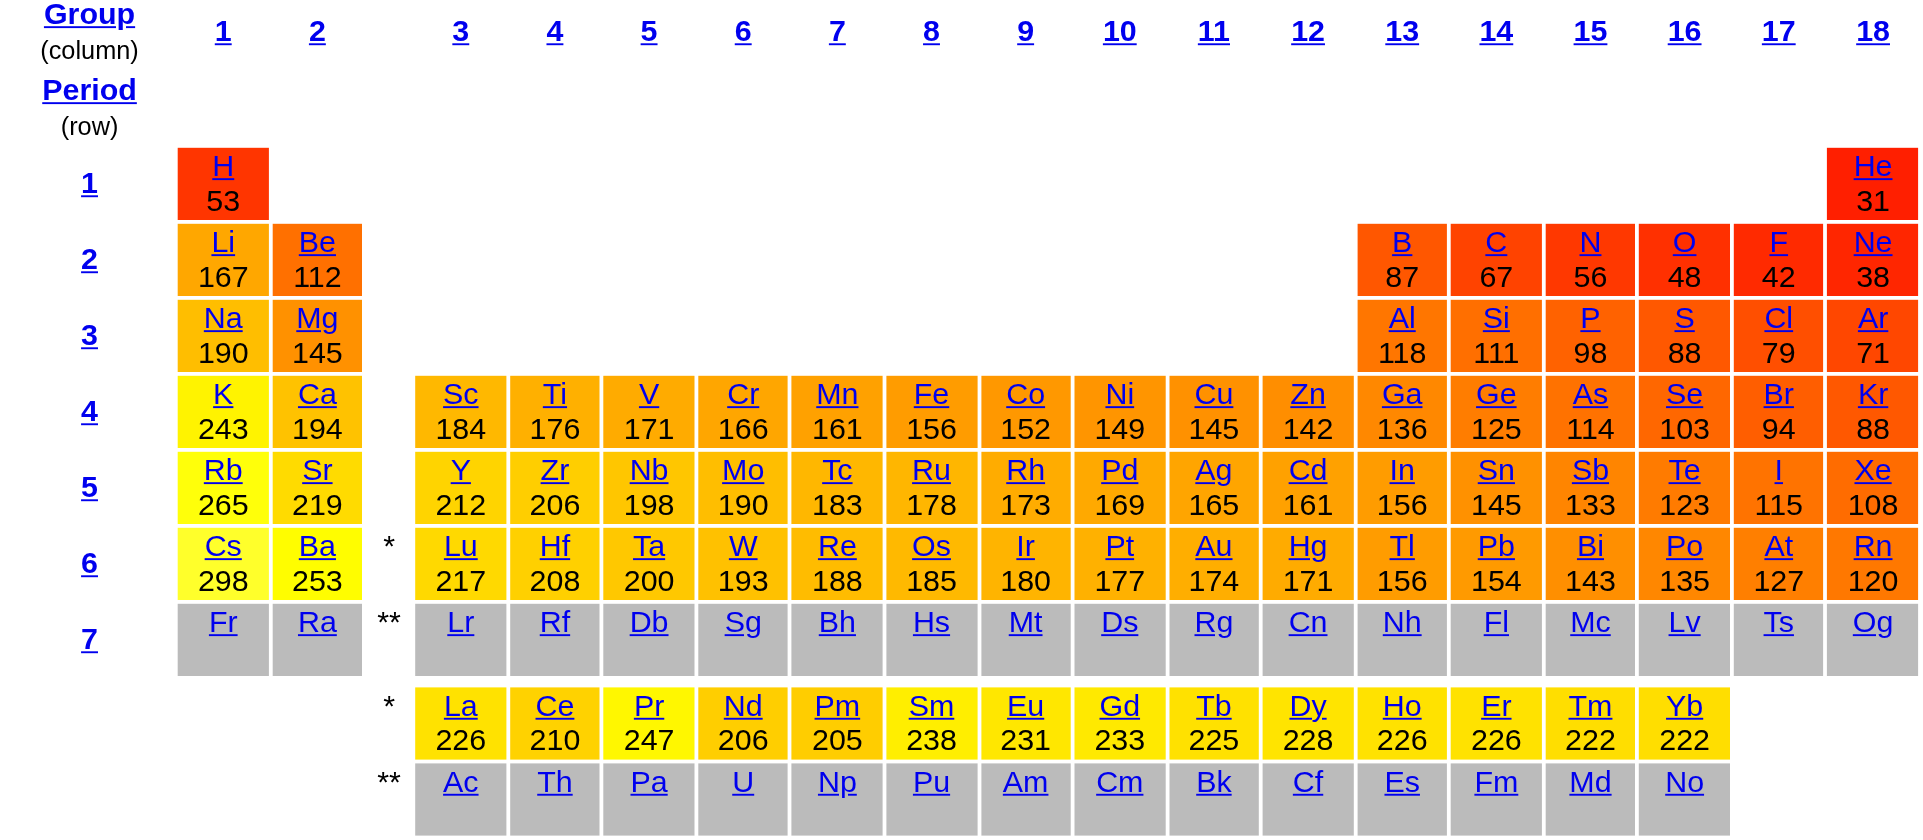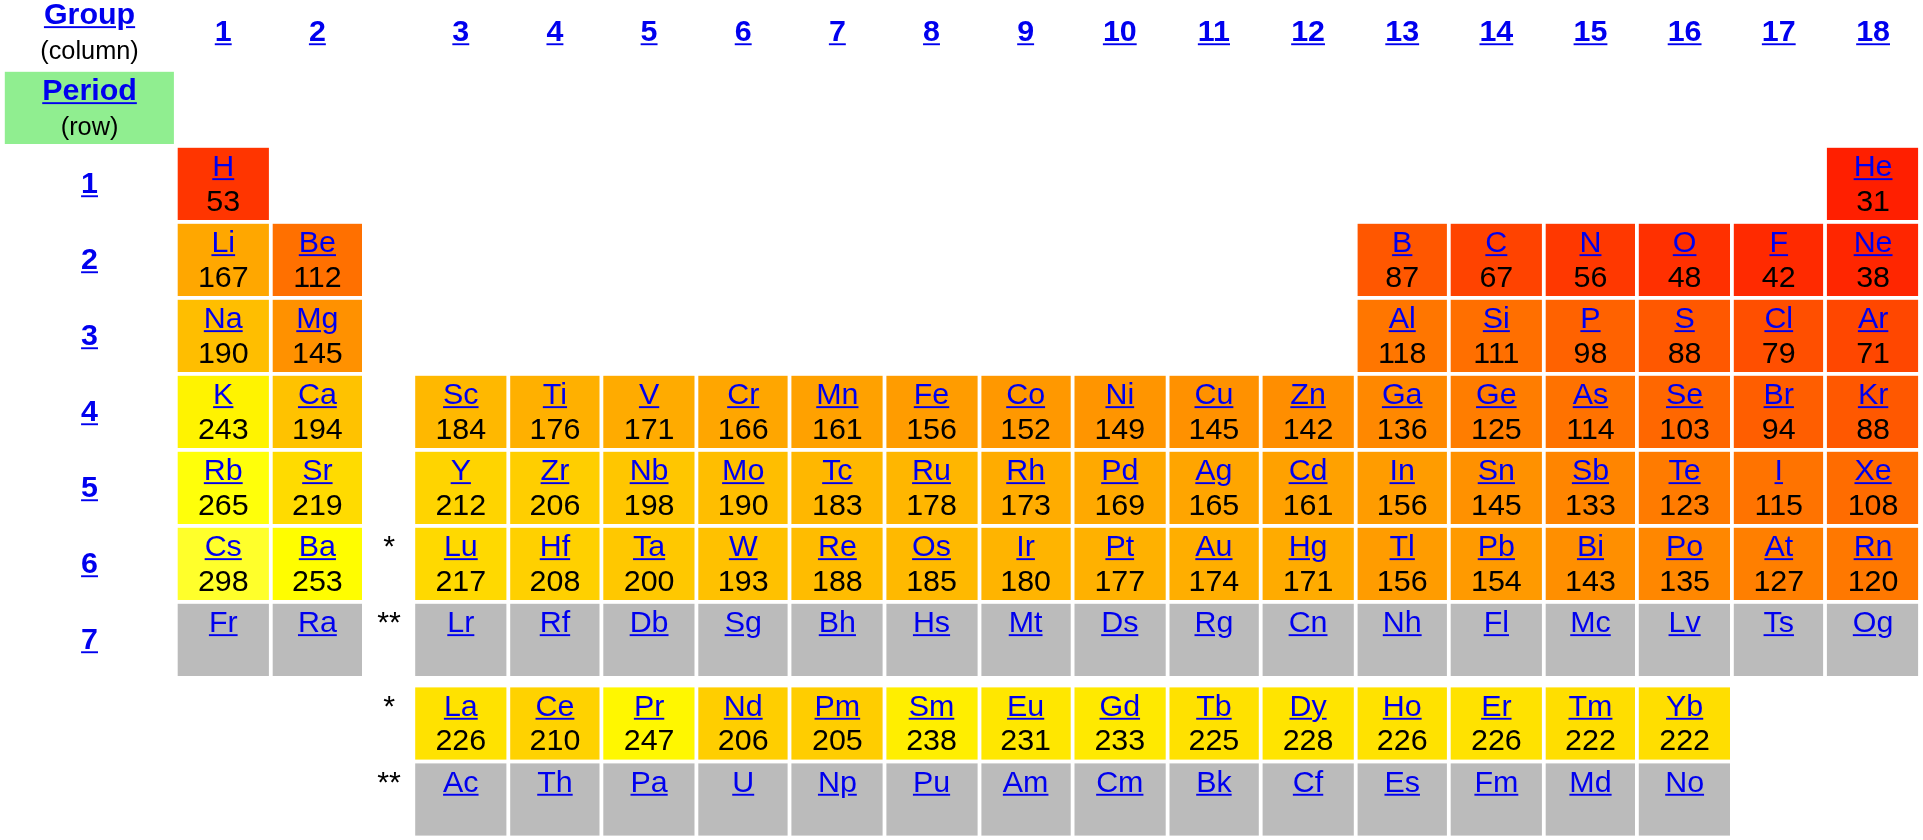 <table wikitable width="80%" style="text-align:center">
 <tr>
 <td><strong><a href='#'>Group</a></strong><br><small>(column)</small></td>
 <td><strong><a href='#'>1</a></strong></td>
 <td><strong><a href='#'>2</a></strong></td>
 <td></td>
 <td><strong><a href='#'>3</a></strong></td>
 <td><strong><a href='#'>4</a></strong></td>
 <td><strong><a href='#'>5</a></strong></td>
 <td><strong><a href='#'>6</a></strong></td>
 <td><strong><a href='#'>7</a></strong></td>
 <td><strong><a href='#'>8</a></strong></td>
 <td><strong><a href='#'>9</a></strong></td>
 <td><strong><a href='#'>10</a></strong></td>
 <td><strong><a href='#'>11</a></strong></td>
 <td><strong><a href='#'>12</a></strong></td>
 <td><strong><a href='#'>13</a></strong></td>
 <td><strong><a href='#'>14</a></strong></td>
 <td><strong><a href='#'>15</a></strong></td>
 <td><strong><a href='#'>16</a></strong></td>
 <td><strong><a href='#'>17</a></strong></td>
 <td><strong><a href='#'>18</a></strong></td>
 </tr>
 <tr>
-<td><strong><a href='#'>Period</a></strong><br><small>(row)</small></td>
+<td style="background: lightgreen;"><strong><a href='#'>Period</a></strong><br><small>(row)</small></td>
 <td colspan=20></td>
 </tr>
 <tr>
 <td><strong><a href='#'>1</a></strong></td>
 <td bgcolor="#ff3500"><a href='#'>H</a><br>53</td>
 <td colspan=17></td>
 <td bgcolor="#ff1f00"><a href='#'>He</a><br>31</td>
 </tr>
 <tr>
 <td><strong><a href='#'>2</a></strong></td>
 <td bgcolor="#ffa700"><a href='#'>Li</a><br>167</td>
 <td bgcolor="#ff7000"><a href='#'>Be</a><br>112</td>
 <td colspan=11></td>
 <td bgcolor="#ff5700"><a href='#'>B</a><br>87</td>
 <td bgcolor="#ff4300"><a href='#'>C</a><br>67</td>
 <td bgcolor="#ff3800"><a href='#'>N</a><br>56</td>
 <td bgcolor="#ff3000"><a href='#'>O</a><br>48</td>
 <td bgcolor="#ff2a00"><a href='#'>F</a><br>42</td>
 <td bgcolor="#ff2600"><a href='#'>Ne</a><br>38</td>
 </tr>
 <tr>
 <td><strong><a href='#'>3</a></strong></td>
 <td bgcolor="#ffbe00"><a href='#'>Na</a><br>190</td>
 <td bgcolor="#ff9100"><a href='#'>Mg</a><br>145</td>
 <td colspan=11></td>
 <td bgcolor="#ff7600"><a href='#'>Al</a><br>118</td>
 <td bgcolor="#ff6f00"><a href='#'>Si</a><br>111</td>
 <td bgcolor="#ff6200"><a href='#'>P</a><br>98</td>
 <td bgcolor="#ff5800"><a href='#'>S</a><br>88</td>
 <td bgcolor="#ff4f00"><a href='#'>Cl</a><br>79</td>
 <td bgcolor="#ff4700"><a href='#'>Ar</a><br>71</td>
 </tr>
 <tr>
 <td><strong><a href='#'>4</a></strong></td>
 <td bgcolor="#fff300"><a href='#'>K</a><br>243</td>
 <td bgcolor="#ffc200"><a href='#'>Ca</a><br>194</td>
 <td></td>
 <td bgcolor="#ffb800"><a href='#'>Sc</a><br>184</td>
 <td bgcolor="#ffb000"><a href='#'>Ti</a><br>176</td>
 <td bgcolor="#ffab00"><a href='#'>V</a><br>171</td>
 <td bgcolor="#ffa600"><a href='#'>Cr</a><br>166</td>
 <td bgcolor="#ffa100"><a href='#'>Mn</a><br>161</td>
 <td bgcolor="#ff9c00"><a href='#'>Fe</a><br>156</td>
 <td bgcolor="#ff9800"><a href='#'>Co</a><br>152</td>
 <td bgcolor="#ff9500"><a href='#'>Ni</a><br>149</td>
 <td bgcolor="#ff9100"><a href='#'>Cu</a><br>145</td>
 <td bgcolor="#ff8e00"><a href='#'>Zn</a><br>142</td>
 <td bgcolor="#ff8800"><a href='#'>Ga</a><br>136</td>
 <td bgcolor="#ff7d00"><a href='#'>Ge</a><br>125</td>
 <td bgcolor="#ff7200"><a href='#'>As</a><br>114</td>
 <td bgcolor="#ff6700"><a href='#'>Se</a><br>103</td>
 <td bgcolor="#ff5e00"><a href='#'>Br</a><br>94</td>
 <td bgcolor="#ff5800"><a href='#'>Kr</a><br>88</td>
 </tr>
 <tr>
 <td><strong><a href='#'>5</a></strong></td>
 <td bgcolor="#ffff0a"><a href='#'>Rb</a><br>265</td>
 <td bgcolor="#ffdb00"><a href='#'>Sr</a><br>219</td>
 <td></td>
 <td bgcolor="#ffd400"><a href='#'>Y</a><br>212</td>
 <td bgcolor="#ffce00"><a href='#'>Zr</a><br>206</td>
 <td bgcolor="#ffc600"><a href='#'>Nb</a><br>198</td>
 <td bgcolor="#ffbe00"><a href='#'>Mo</a><br>190</td>
 <td bgcolor="#ffb700"><a href='#'>Tc</a><br>183</td>
 <td bgcolor="#ffb600"><a href='#'>Ru</a><br>178</td>
 <td bgcolor="#ffac00"><a href='#'>Rh</a><br>173</td>
 <td bgcolor="#ffa900"><a href='#'>Pd</a><br>169</td>
 <td bgcolor="#ffa500"><a href='#'>Ag</a><br>165</td>
 <td bgcolor="#ffa100"><a href='#'>Cd</a><br>161</td>
 <td bgcolor="#ff9c00"><a href='#'>In</a><br>156</td>
 <td bgcolor="#ff9100"><a href='#'>Sn</a><br>145</td>
 <td bgcolor="#ff8500"><a href='#'>Sb</a><br>133</td>
 <td bgcolor="#ff7b00"><a href='#'>Te</a><br>123</td>
 <td bgcolor="#ff7300"><a href='#'>I</a><br>115</td>
 <td bgcolor="#ff6c00"><a href='#'>Xe</a><br>108</td>
 </tr>
 <tr>
 <td><strong><a href='#'>6</a></strong></td>
 <td bgcolor="#ffff2b"><a href='#'>Cs</a><br>298</td>
 <td bgcolor="#fffd00"><a href='#'>Ba</a><br>253</td>
 <td>*<br> </td>
 <td bgcolor="#ffd900"><a href='#'>Lu</a><br>217</td>
 <td bgcolor="#ffd000"><a href='#'>Hf</a><br>208</td>
 <td bgcolor="#ffc800"><a href='#'>Ta</a><br>200</td>
 <td bgcolor="#ffc100"><a href='#'>W</a><br>193</td>
 <td bgcolor="#ffbc00"><a href='#'>Re</a><br>188</td>
 <td bgcolor="#ffb900"><a href='#'>Os</a><br>185</td>
 <td bgcolor="#ffb400"><a href='#'>Ir</a><br>180</td>
 <td bgcolor="#ffb100"><a href='#'>Pt</a><br>177</td>
 <td bgcolor="#ffae00"><a href='#'>Au</a><br>174</td>
 <td bgcolor="#ffab00"><a href='#'>Hg</a><br>171</td>
 <td bgcolor="#ff9c00"><a href='#'>Tl</a><br>156</td>
 <td bgcolor="#ff9a00"><a href='#'>Pb</a><br>154</td>
 <td bgcolor="#ff8f00"><a href='#'>Bi</a><br>143</td>
 <td bgcolor="#ff8700"><a href='#'>Po</a><br>135</td>
 <td bgcolor="ff7f00"><a href='#'>At</a><br>127</td>
 <td bgcolor="#ff7800"><a href='#'>Rn</a><br>120</td>
 </tr>
 <tr align=CENTER>
 <td><strong><a href='#'>7</a></strong></td>
 <td bgcolor="#bbbbbb"><a href='#'>Fr</a><br> </td>
 <td bgcolor="#bbbbbb"><a href='#'>Ra</a><br> </td>
 <td>**<br> </td>
 <td bgcolor="#bbbbbb"><a href='#'>Lr</a><br> </td>
 <td bgcolor="#bbbbbb"><a href='#'>Rf</a><br> </td>
 <td bgcolor="#bbbbbb"><a href='#'>Db</a><br> </td>
 <td bgcolor="#bbbbbb"><a href='#'>Sg</a><br> </td>
 <td bgcolor="#bbbbbb"><a href='#'>Bh</a><br> </td>
 <td bgcolor="#bbbbbb"><a href='#'>Hs</a><br> </td>
 <td bgcolor="#bbbbbb"><a href='#'>Mt</a><br> </td>
 <td bgcolor="#bbbbbb"><a href='#'>Ds</a><br> </td>
 <td bgcolor="#bbbbbb"><a href='#'>Rg</a><br> </td>
 <td bgcolor="#bbbbbb"><a href='#'>Cn</a><br> </td>
 <td bgcolor="#bbbbbb"><a href='#'>Nh</a><br> </td>
 <td bgcolor="#bbbbbb"><a href='#'>Fl</a><br> </td>
 <td bgcolor="#bbbbbb"><a href='#'>Mc</a><br> </td>
 <td bgcolor="#bbbbbb"><a href='#'>Lv</a><br> </td>
 <td bgcolor="#bbbbbb"><a href='#'>Ts</a><br> </td>
 <td bgcolor="#bbbbbb"><a href='#'>Og</a><br> </td>
 </tr>
 <tr align=CENTER>
 <td></td>
 </tr>
 <tr align=CENTER>
 <td></td>
 <td></td>
 <td></td>
 <td>*<br> </td>
 <td bgcolor="#ffe200"><a href='#'>La</a><br>226</td>
 <td bgcolor="#ffd200"><a href='#'>Ce</a><br>210</td>
 <td bgcolor="#fff700"><a href='#'>Pr</a><br>247</td>
 <td bgcolor="#ffce00"><a href='#'>Nd</a><br>206</td>
 <td bgcolor="#ffcd00"><a href='#'>Pm</a><br>205</td>
 <td bgcolor="#ffee00"><a href='#'>Sm</a><br>238</td>
 <td bgcolor="#ffe700"><a href='#'>Eu</a><br>231</td>
 <td bgcolor="#ffe900"><a href='#'>Gd</a><br>233</td>
 <td bgcolor="#ffe100"><a href='#'>Tb</a><br>225</td>
 <td bgcolor="#ffe400"><a href='#'>Dy</a><br>228</td>
 <td bgcolor="#ffe200"><a href='#'>Ho</a><br>226</td>
 <td bgcolor="#ffe200"><a href='#'>Er</a><br>226</td>
 <td bgcolor="#ffde00"><a href='#'>Tm</a><br>222</td>
 <td bgcolor="#ffde00"><a href='#'>Yb</a><br>222</td>
 </tr>
 <tr>
 <td></td>
 <td></td>
 <td></td>
 <td>**<br> </td>
 <td bgcolor="#bbbbbb"><a href='#'>Ac</a><br> </td>
 <td bgcolor="#bbbbbb"><a href='#'>Th</a><br> </td>
 <td bgcolor="#bbbbbb"><a href='#'>Pa</a><br> </td>
 <td bgcolor="#bbbbbb"><a href='#'>U</a><br> </td>
 <td bgcolor="#bbbbbb"><a href='#'>Np</a><br> </td>
 <td bgcolor="#bbbbbb"><a href='#'>Pu</a><br> </td>
 <td bgcolor="#bbbbbb"><a href='#'>Am</a><br> </td>
 <td bgcolor="#bbbbbb"><a href='#'>Cm</a><br> </td>
 <td bgcolor="#bbbbbb"><a href='#'>Bk</a><br> </td>
 <td bgcolor="#bbbbbb"><a href='#'>Cf</a><br> </td>
 <td bgcolor="#bbbbbb"><a href='#'>Es</a><br> </td>
 <td bgcolor="#bbbbbb"><a href='#'>Fm</a><br> </td>
 <td bgcolor="#bbbbbb"><a href='#'>Md</a><br> </td>
 <td bgcolor="#bbbbbb"><a href='#'>No</a><br> </td>
 </tr>
 </table>
